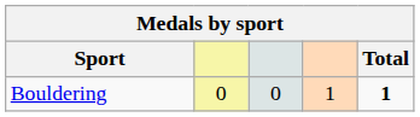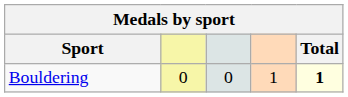 <table class="wikitable" style="font-size:90%; text-align:center;">
 <tr>
 <th colspan="5">Medals by sport</th>
 </tr>
 <tr>
 <th width="120">Sport</th>
 <th scope="col" width="30" style="background:#F7F6A8;"></th>
 <th scope="col" width="30" style="background:#DCE5E5;"></th>
 <th scope="col" width="30" style="background:#FFDAB9;"></th>
 <th width="30">Total</th>
 </tr>
 <tr>
 <td align="left"><a href='#'>Bouldering</a></td>
 <td style="background:#F7F6A8;">0</td>
 <td style="background:#DCE5E5;">0</td>
 <td style="background:#FFDAB9;">1</td>
-<td><strong>1</strong></td>
+<td style="background: lightyellow;"><strong>1</strong></td>
 </tr>
 </table>
